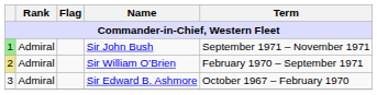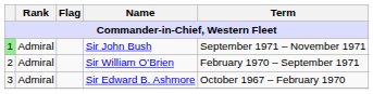 <table class="wikitable">
 <tr>
 <th></th>
 <th>Rank</th>
 <th>Flag</th>
 <th>Name</th>
 <th>Term</th>
 </tr>
 <tr>
 <td colspan="5" align="center" style="background:#dcdcfe;"><strong>Commander-in-Chief, Western Fleet</strong></td>
 </tr>
 <tr>
 <td style="background: lightgreen;">1</td>
 <td>Admiral</td>
 <td></td>
 <td><a href='#'>Sir John Bush</a></td>
 <td>September 1971 – November 1971</td>
 </tr>
 <tr>
-<td style="background: khaki;">2</td>
+<td>2</td>
 <td>Admiral</td>
 <td></td>
 <td><a href='#'>Sir William O’Brien</a></td>
 <td>February 1970 – September 1971</td>
 </tr>
 <tr>
 <td>3</td>
 <td>Admiral</td>
 <td></td>
 <td><a href='#'>Sir Edward B. Ashmore</a></td>
 <td>October 1967 – February 1970</td>
 </tr>
 <tr>
 </tr>
 </table>
